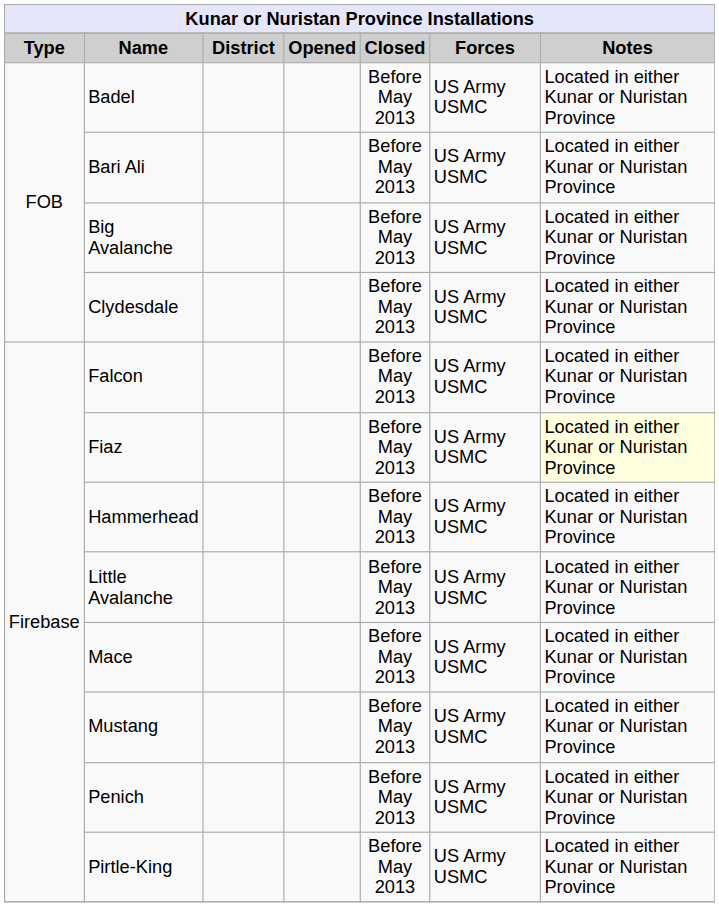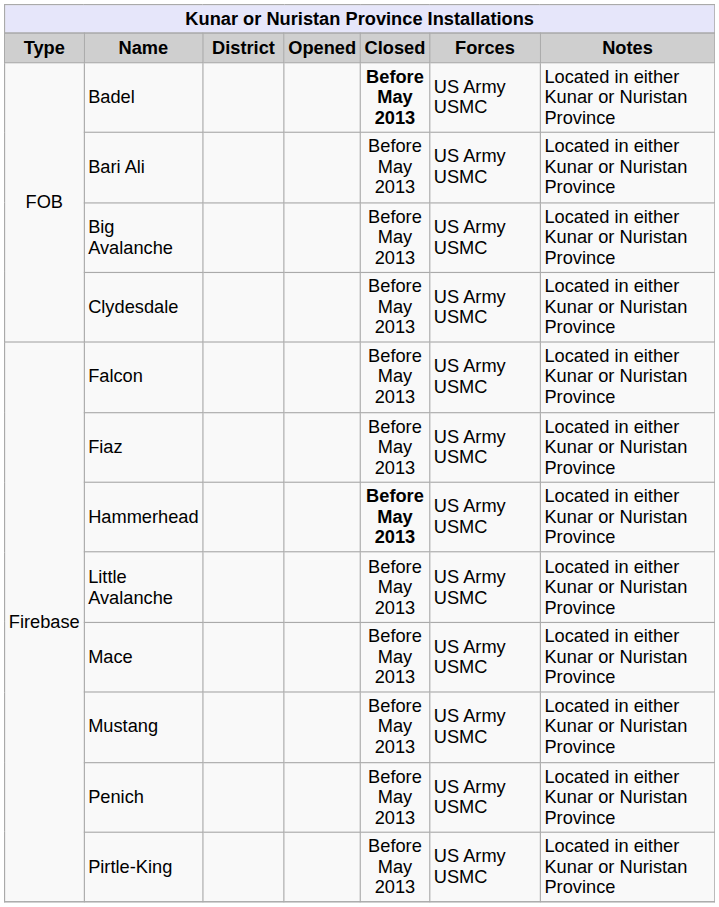 <table class="wikitable sortable" width="100%">
 <tr>
 <th style="align: center; background: lavender" colspan="7"><strong>Kunar or Nuristan Province Installations</strong></th>
 </tr>
 <tr style="background:#efefef; color:black">
 </tr>
 <tr>
 <th style="background-color:#cfcfcf;" align="center" width="9%" align="center">Type</th>
 <th style="background-color:#cfcfcf;" align="center" width="13%">Name</th>
 <th style="background-color:#cfcfcf;" align="center" width="12%">District</th>
 <th style="background-color:#cfcfcf;" align="center" width="7%">Opened</th>
 <th style="background-color:#cfcfcf;" align="center" width="7%">Closed</th>
 <th style="background-color:#cfcfcf;" align="center" width="18%" class="unsortable">Forces</th>
 <th style="background-color:#cfcfcf;" align="center" width="30%" class="unsortable">Notes</th>
 </tr>
 <tr>
 <td rowspan="4" align="center">FOB</td>
 <td>Badel</td>
 <td align="center"></td>
 <td align="center"> </td>
-<td align="center">Before May 2013</td>
+<td align="center"><strong>Before May 2013</strong></td>
 <td> US Army<br> USMC</td>
 <td>Located in either Kunar or Nuristan Province</td>
 </tr>
 <tr>
 <td>Bari Ali</td>
 <td align="center"></td>
 <td align="center"> </td>
 <td align="center">Before May 2013</td>
 <td> US Army<br> USMC</td>
 <td>Located in either Kunar or Nuristan Province</td>
 </tr>
 <tr>
 <td>Big Avalanche</td>
 <td align="center"></td>
 <td align="center"> </td>
 <td align="center">Before May 2013</td>
 <td> US Army<br> USMC</td>
 <td>Located in either Kunar or Nuristan Province</td>
 </tr>
 <tr>
 <td>Clydesdale</td>
 <td align="center"></td>
 <td align="center"> </td>
 <td align="center">Before May 2013</td>
 <td> US Army<br> USMC</td>
 <td>Located in either Kunar or Nuristan Province</td>
 </tr>
 <tr>
 <td rowspan="8" align="center">Firebase</td>
 <td>Falcon</td>
 <td align="center"></td>
 <td align="center"> </td>
 <td align="center">Before May 2013</td>
 <td> US Army<br> USMC</td>
 <td>Located in either Kunar or Nuristan Province</td>
 </tr>
 <tr>
 <td>Fiaz</td>
 <td align="center"></td>
 <td align="center"> </td>
 <td align="center">Before May 2013</td>
 <td> US Army<br> USMC</td>
-<td style="background: lightyellow;">Located in either Kunar or Nuristan Province</td>
+<td>Located in either Kunar or Nuristan Province</td>
 </tr>
 <tr>
 <td>Hammerhead</td>
 <td align="center"></td>
 <td align="center"> </td>
-<td align="center">Before May 2013</td>
+<td align="center"><strong>Before May 2013</strong></td>
 <td> US Army<br> USMC</td>
 <td>Located in either Kunar or Nuristan Province</td>
 </tr>
 <tr>
 <td>Little Avalanche</td>
 <td align="center"></td>
 <td align="center"> </td>
 <td align="center">Before May 2013</td>
 <td> US Army<br> USMC</td>
 <td>Located in either Kunar or Nuristan Province</td>
 </tr>
 <tr>
 <td>Mace</td>
 <td align="center"></td>
 <td align="center"> </td>
 <td align="center">Before May 2013</td>
 <td> US Army<br> USMC</td>
 <td>Located in either Kunar or Nuristan Province</td>
 </tr>
 <tr>
 <td>Mustang</td>
 <td align="center"></td>
 <td align="center"> </td>
 <td align="center">Before May 2013</td>
 <td> US Army<br> USMC</td>
 <td>Located in either Kunar or Nuristan Province</td>
 </tr>
 <tr>
 <td>Penich</td>
 <td align="center"></td>
 <td align="center"> </td>
 <td align="center">Before May 2013</td>
 <td> US Army<br> USMC</td>
 <td>Located in either Kunar or Nuristan Province</td>
 </tr>
 <tr>
 <td>Pirtle-King</td>
 <td align="center"></td>
 <td align="center"> </td>
 <td align="center">Before May 2013</td>
 <td> US Army<br> USMC</td>
 <td>Located in either Kunar or Nuristan Province</td>
 </tr>
 <tr>
 </tr>
 </table>
